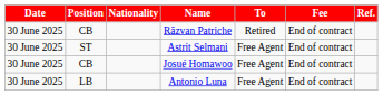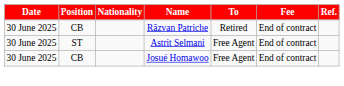 <table class="wikitable"  style="text-align:center; font-size:90%; ">
 <tr>
 <th style="background:red;color:white;">Date</th>
 <th style="background:red;color:white;">Position</th>
 <th style="background:red;color:white;">Nationality</th>
 <th style="background:red;color:white;">Name</th>
 <th style="background:red;color:white;">To</th>
 <th style="background:red;color:white;">Fee</th>
 <th style="background:red;color:white;">Ref.</th>
 </tr>
 <tr>
 <td>30 June 2025</td>
 <td>CB</td>
 <td></td>
 <td><a href='#'>Răzvan Patriche</a></td>
 <td>Retired</td>
 <td>End of contract</td>
 <td></td>
 </tr>
 <tr>
 <td>30 June 2025</td>
 <td>ST</td>
 <td></td>
 <td><a href='#'>Astrit Selmani</a></td>
 <td>Free Agent</td>
 <td>End of contract</td>
 <td></td>
 </tr>
 <tr>
 <td>30 June 2025</td>
 <td>CB</td>
 <td></td>
 <td><a href='#'>Josué Homawoo</a></td>
 <td>Free Agent</td>
 <td>End of contract</td>
 <td></td>
 </tr>
-<tr>
-<td>30 June 2025</td>
-<td>LB</td>
-<td></td>
-<td><a href='#'>Antonio Luna</a></td>
-<td>Free Agent</td>
-<td>End of contract</td>
-<td></td>
-</tr>
 </table>
